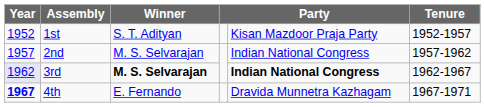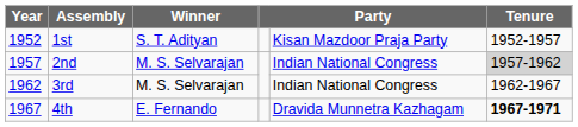 <table class="wikitable" width="70%">
 <tr>
 <th style="background-color:#666666; color:white">Year</th>
 <th style="background-color:#666666; color:white">Assembly</th>
 <th style="background-color:#666666; color:white">Winner</th>
 <th style="background-color:#666666; color:white" colspan="2">Party</th>
 <th style="background-color:#666666; color:white">Tenure</th>
 </tr>
 <tr>
 <td><a href='#'>1952</a></td>
 <td><a href='#'>1st</a></td>
 <td><a href='#'>S. T. Adityan</a></td>
 <td width=4px style="background-color: "></td>
 <td><a href='#'>Kisan Mazdoor Praja Party</a></td>
 <td>1952-1957</td>
 </tr>
 <tr>
 <td><a href='#'>1957</a></td>
 <td><a href='#'>2nd</a></td>
 <td><a href='#'>M. S. Selvarajan</a></td>
 <td rowspan="2" width=4px style="background-color: "></td>
 <td><a href='#'>Indian National Congress</a></td>
-<td>1957-1962</td>
+<td style="background: lightgrey;">1957-1962</td>
 </tr>
 <tr>
-<td style="background: lavender;"><a href='#'>1962</a></td>
+<td><a href='#'>1962</a></td>
 <td><a href='#'>3rd</a></td>
-<td><strong>M. S. Selvarajan</strong></td>
-<td><strong>Indian National Congress</strong></td>
+<td>M. S. Selvarajan</td>
+<td>Indian National Congress</td>
 <td>1962-1967</td>
 </tr>
 <tr>
-<td><strong><a href='#'>1967</a></strong></td>
+<td><a href='#'>1967</a></td>
 <td><a href='#'>4th</a></td>
 <td><a href='#'>E. Fernando</a></td>
 <td rowspan="2" width=4px style="background-color: "></td>
 <td><a href='#'>Dravida Munnetra Kazhagam</a></td>
-<td>1967-1971</td>
+<td><strong>1967-1971</strong></td>
 </tr>
 </table>
